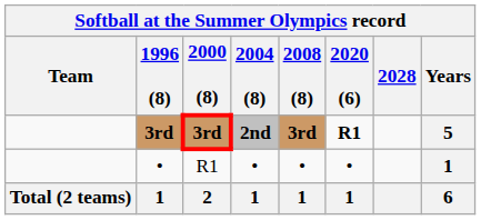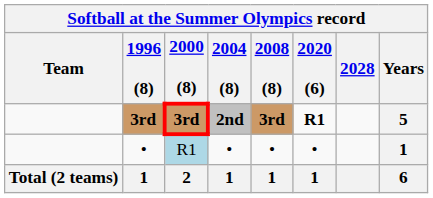 <table class="wikitable" style="text-align:center; font-size:85%;">
 <tr>
 <th colspan=32><a href='#'>Softball at the Summer Olympics</a> record</th>
 </tr>
 <tr>
 <th>Team</th>
 <th><a href='#'>1996</a><br><br>(8)</th>
 <th><a href='#'>2000</a><br><br>(8)</th>
 <th><a href='#'>2004</a><br><br>(8)</th>
 <th><a href='#'>2008</a><br><br>(8)</th>
 <th><a href='#'>2020</a><br><br>(6)</th>
 <th><a href='#'>2028</a><br></th>
 <th>Years</th>
 </tr>
 <tr>
 <td align=left></td>
 <td style="background:#c96;"><strong>3rd</strong></td>
 <td style="background:#c96; border: 3px solid red"><strong>3rd</strong></td>
 <td style="background:Silver;"><strong>2nd</strong></td>
 <td style="background:#c96;"><strong>3rd</strong></td>
 <td><strong>R1<br></strong></td>
 <td></td>
 <th>5</th>
 </tr>
 <tr>
 <td align=left></td>
 <td>•</td>
-<td>R1<br></td>
+<td style="background: lightblue;">R1<br></td>
 <td>•</td>
 <td>•</td>
 <td>•</td>
 <td></td>
 <th>1</th>
 </tr>
 <tr>
 <th>Total (2 teams)</th>
 <th>1</th>
 <th>2</th>
 <th>1</th>
 <th>1</th>
 <th>1</th>
 <th></th>
 <th>6</th>
 </tr>
 </table>
